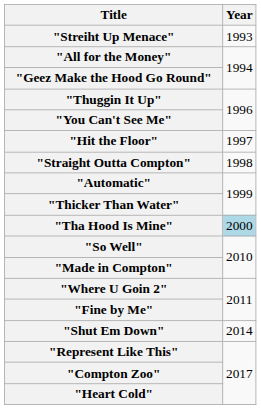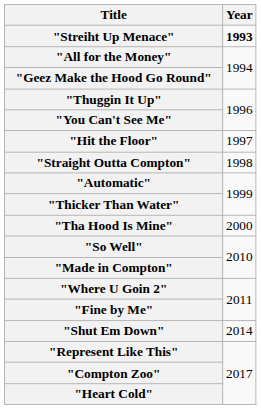 <table class="wikitable plainrowheaders" style="text-align:center;">
 <tr>
 <th scope="col" style="width:16em;">Title</th>
 <th scope="col">Year</th>
 </tr>
 <tr>
 <th scope="row">"Streiht Up Menace"</th>
-<td>1993</td>
+<td><strong>1993</strong></td>
 </tr>
 <tr>
 <th scope="row">"All for the Money"</th>
 <td rowspan="2">1994</td>
 </tr>
 <tr>
 <th scope="row">"Geez Make the Hood Go Round"</th>
 </tr>
 <tr>
 <th scope="row">"Thuggin It Up"</th>
 <td rowspan="2">1996</td>
 </tr>
 <tr>
 <th scope="row">"You Can't See Me"<br></th>
 </tr>
 <tr>
 <th scope="row">"Hit the Floor"<br></th>
 <td>1997</td>
 </tr>
 <tr>
 <th scope="row">"Straight Outta Compton"<br></th>
 <td>1998</td>
 </tr>
 <tr>
 <th scope="row">"Automatic"</th>
 <td rowspan="2">1999</td>
 </tr>
 <tr>
 <th scope="row">"Thicker Than Water"<br></th>
 </tr>
 <tr>
 <th scope="row">"Tha Hood Is Mine"<br></th>
-<td style="background: lightblue;">2000</td>
+<td>2000</td>
 </tr>
 <tr>
 <th scope="row">"So Well"</th>
 <td rowspan="2">2010</td>
 </tr>
 <tr>
 <th scope="row">"Made in Compton"</th>
 </tr>
 <tr>
 <th scope="row">"Where U Goin 2"</th>
 <td rowspan="2">2011</td>
 </tr>
 <tr>
 <th scope="row">"Fine by Me"</th>
 </tr>
 <tr>
 <th scope="row">"Shut Em Down"<br></th>
 <td>2014</td>
 </tr>
 <tr>
 <th scope="row">"Represent Like This"<br></th>
 <td rowspan="3">2017</td>
 </tr>
 <tr>
 <th scope="row">"Compton Zoo"</th>
 </tr>
 <tr>
 <th scope="row">"Heart Cold"<br></th>
 </tr>
 </table>
